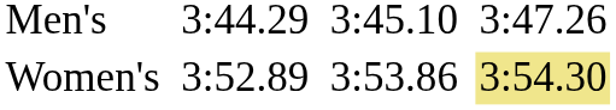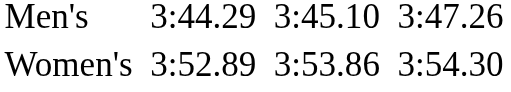 <table>
 <tr>
 <td>Men's<br></td>
 <td></td>
 <td>3:44.29</td>
 <td></td>
 <td>3:45.10</td>
 <td></td>
 <td>3:47.26</td>
 </tr>
 <tr>
 <td>Women's<br></td>
 <td></td>
 <td>3:52.89</td>
 <td></td>
 <td>3:53.86</td>
 <td></td>
-<td style="background: khaki;">3:54.30</td>
+<td>3:54.30</td>
 </tr>
 </table>
